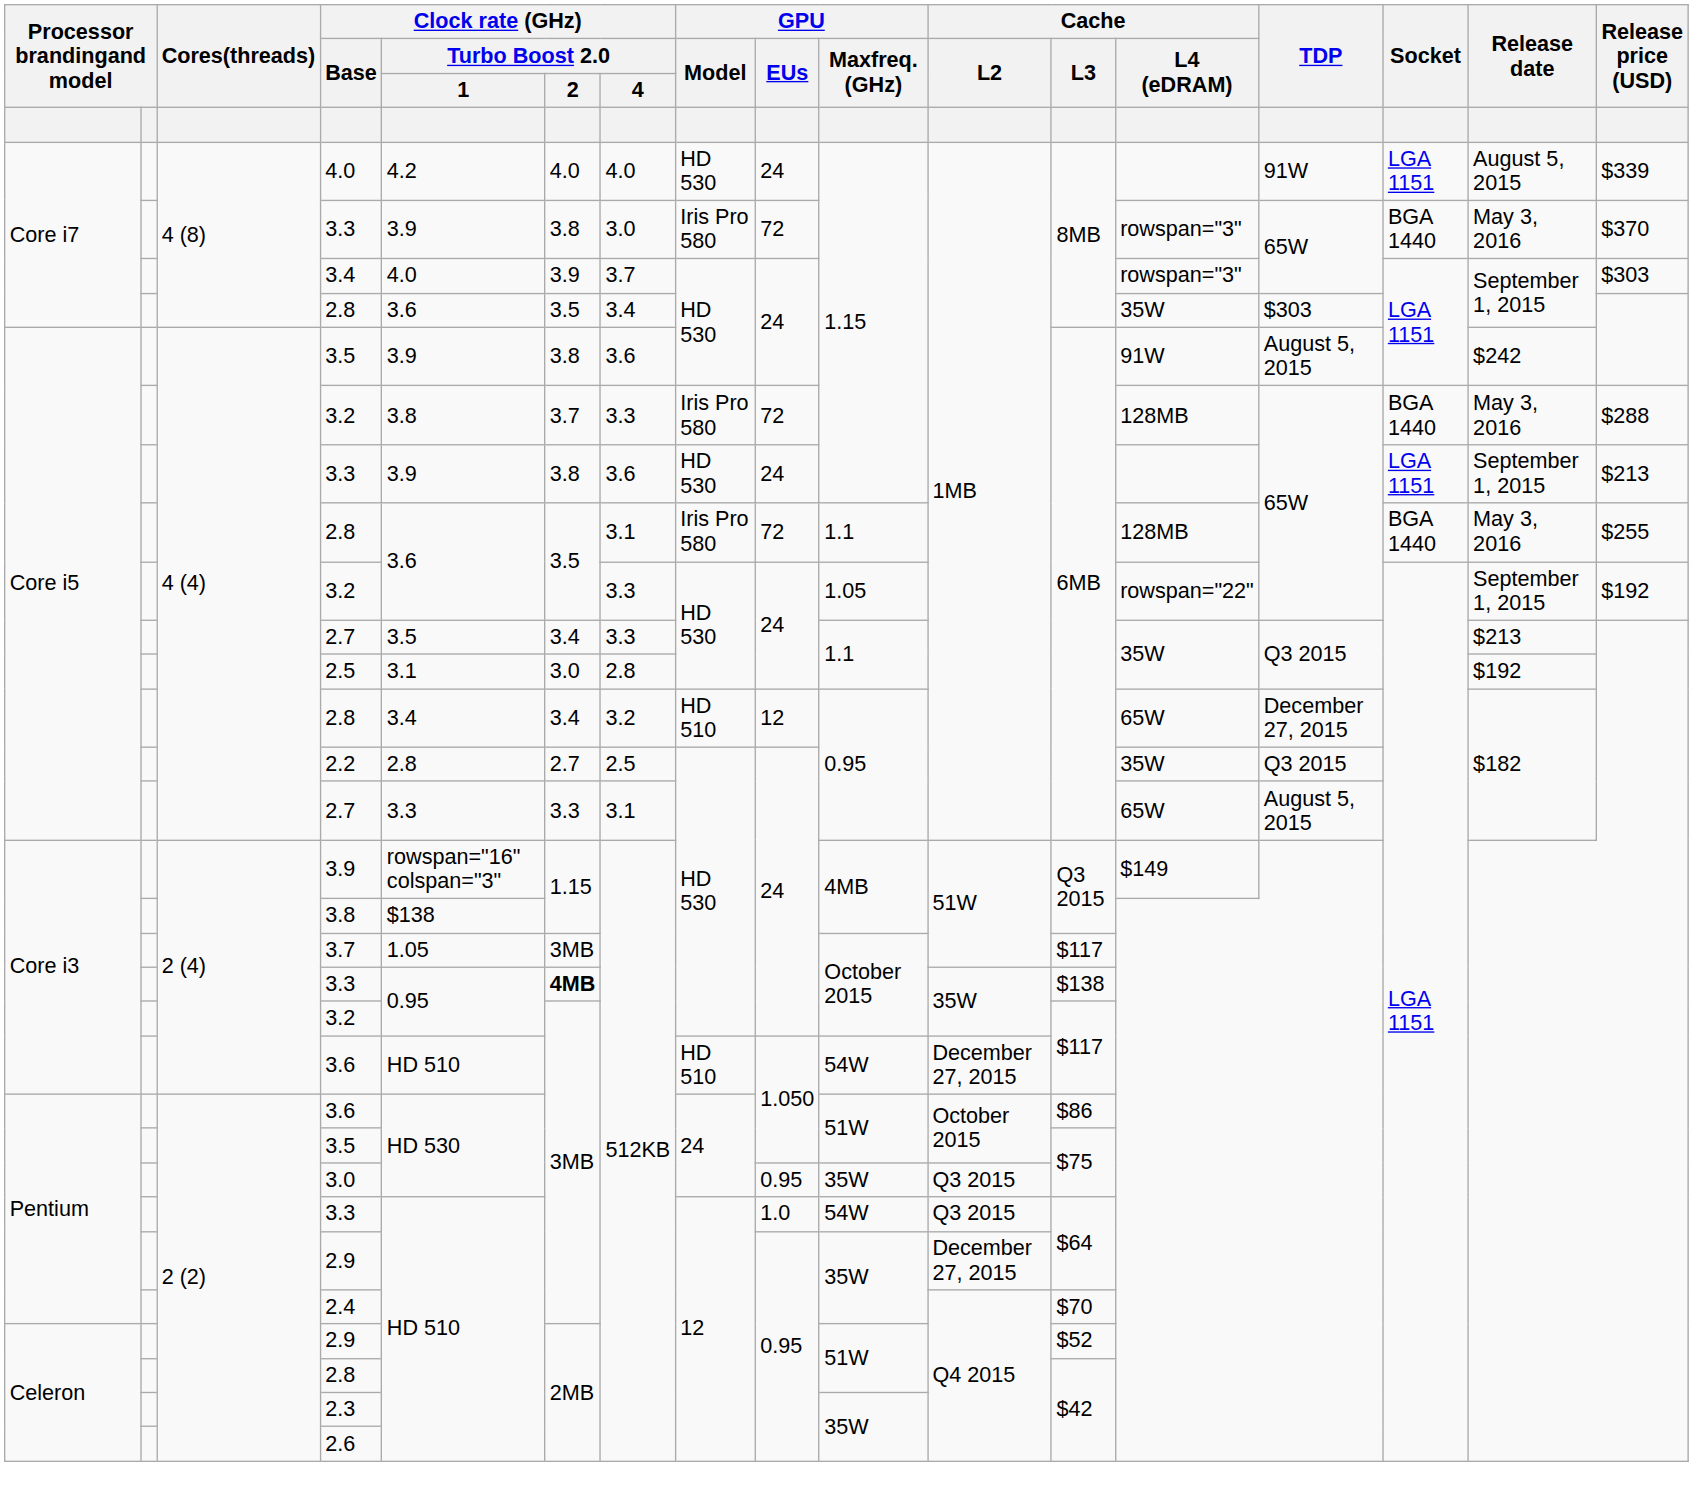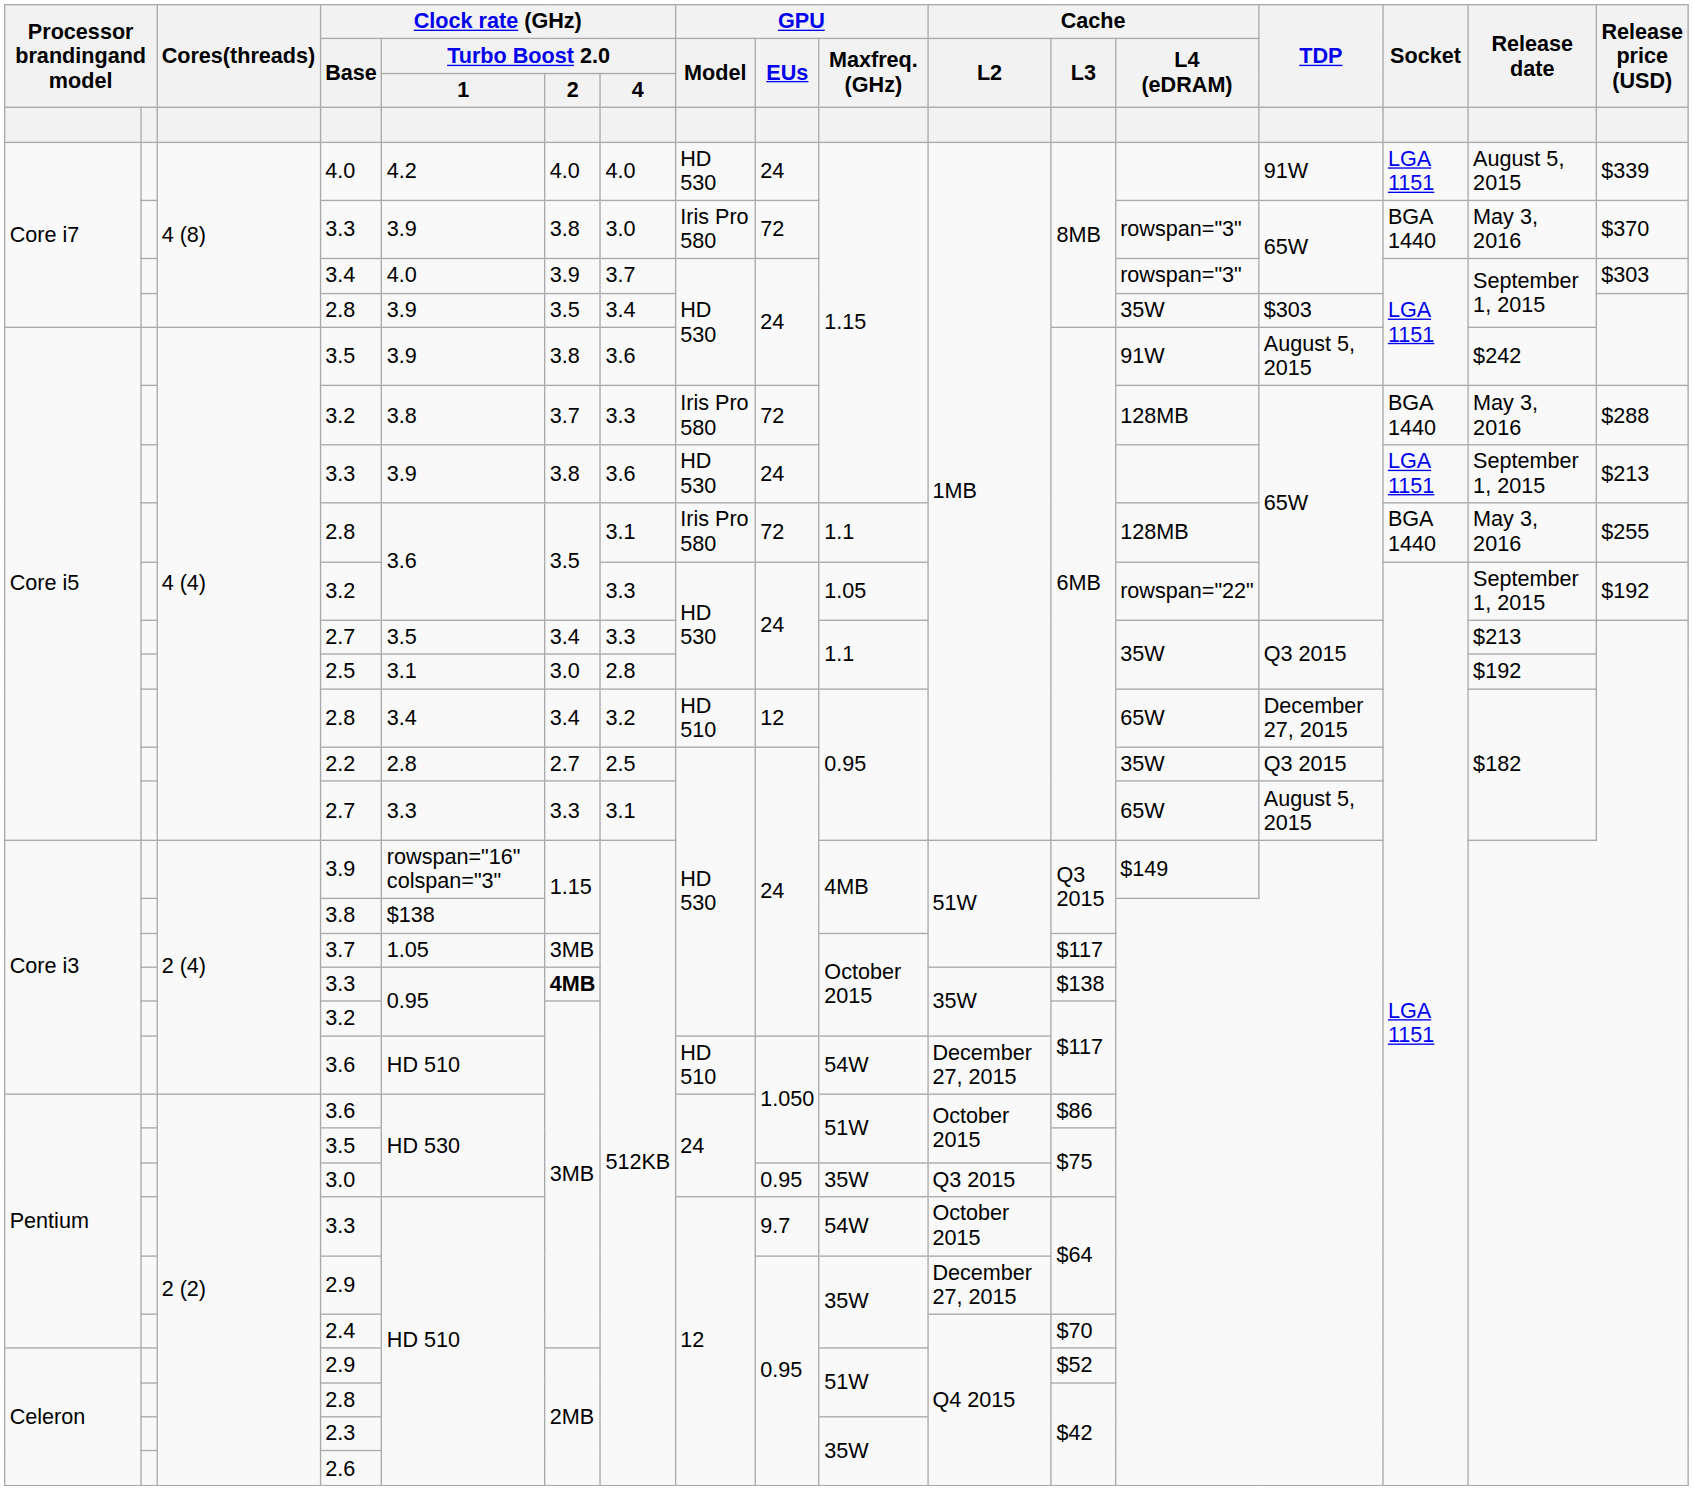 <table style=text-align: center; class="wikitable sortable mw-datatable">
 <tr>
 <th rowspan="3" colspan="2">Processor<br>brandingand model</th>
 <th rowspan="3">Cores(threads)</th>
 <th colspan="4"><a href='#'>Clock rate</a> (GHz)</th>
 <th colspan="3"><a href='#'>GPU</a></th>
 <th colspan="3">Cache</th>
 <th rowspan="3"><a href='#'>TDP</a></th>
 <th rowspan="3">Socket</th>
 <th rowspan="3">Release<br>date</th>
 <th rowspan="3">Release<br>price<br>(USD)</th>
 </tr>
 <tr>
 <th rowspan="2">Base</th>
 <th colspan="3"><a href='#'>Turbo Boost</a> 2.0</th>
 <th rowspan="2">Model</th>
 <th rowspan="2"><a href='#'>EUs</a></th>
 <th rowspan="2">Maxfreq.<strong></strong>(GHz)</th>
 <th rowspan="2">L2</th>
 <th rowspan="2">L3</th>
 <th rowspan="2">L4 <br>(eDRAM)</th>
 </tr>
 <tr>
 <th>1</th>
 <th>2 </th>
 <th>4 </th>
 </tr>
 <tr>
 <th style="background-position:center"><br></th>
 <th style="background-position:center"></th>
 <th style="background-position:center"></th>
 <th style="background-position:center"></th>
 <th style="background-position:center"></th>
 <th style="background-position:center"></th>
 <th style="background-position:center"></th>
 <th style="background-position:center"></th>
 <th style="background-position:center"></th>
 <th style="background-position:center"></th>
 <th style="background-position:center"></th>
 <th style="background-position:center"></th>
 <th style="background-position:center"></th>
 <th style="background-position:center"></th>
 <th style="background-position:center"></th>
 <th style="background-position:center"></th>
 <th style="background-position:center"></th>
 </tr>
 <tr>
 <td rowspan="4">Core i7</td>
 <td></td>
 <td rowspan="4">4 (8)</td>
 <td>4.0</td>
 <td>4.2</td>
 <td>4.0</td>
 <td>4.0</td>
 <td>HD 530</td>
 <td>24</td>
 <td rowspan="7">1.15</td>
 <td rowspan="14">1MB</td>
 <td rowspan="4">8MB</td>
 <td></td>
 <td>91W</td>
 <td><a href='#'>LGA 1151</a></td>
 <td>August 5, 2015</td>
 <td>$339</td>
 </tr>
 <tr>
 <td></td>
 <td>3.3</td>
 <td>3.9</td>
 <td>3.8</td>
 <td>3.0</td>
 <td>Iris Pro 580</td>
 <td>72</td>
 <td>rowspan="3" </td>
 <td rowspan="2">65W</td>
 <td>BGA 1440</td>
 <td>May 3, 2016</td>
 <td>$370</td>
 </tr>
 <tr>
 <td></td>
 <td>3.4</td>
 <td>4.0</td>
 <td>3.9</td>
 <td>3.7</td>
 <td rowspan="3">HD 530</td>
 <td rowspan="3">24</td>
 <td>rowspan="3" </td>
 <td rowspan="3"><a href='#'>LGA 1151</a></td>
 <td rowspan="2">September 1, 2015</td>
 <td>$303</td>
 </tr>
 <tr>
 <td></td>
 <td>2.8</td>
-<td>3.6</td>
+<td>3.9</td>
 <td>3.5</td>
 <td>3.4</td>
 <td>35W</td>
 <td>$303</td>
 </tr>
 <tr>
 <td rowspan="10">Core i5</td>
 <td></td>
 <td rowspan="10">4 (4)</td>
 <td>3.5</td>
 <td>3.9</td>
 <td>3.8</td>
 <td>3.6</td>
 <td rowspan="10">6MB</td>
 <td>91W</td>
 <td>August 5, 2015</td>
 <td>$242</td>
 </tr>
 <tr>
 <td></td>
 <td>3.2</td>
 <td>3.8</td>
 <td>3.7</td>
 <td>3.3</td>
 <td>Iris Pro 580</td>
 <td>72</td>
 <td>128MB</td>
 <td rowspan="4">65W</td>
 <td>BGA 1440</td>
 <td>May 3, 2016</td>
 <td>$288</td>
 </tr>
 <tr>
 <td></td>
 <td>3.3</td>
 <td>3.9</td>
 <td>3.8</td>
 <td>3.6</td>
 <td>HD 530</td>
 <td>24</td>
 <td></td>
 <td><a href='#'>LGA 1151</a></td>
 <td>September 1, 2015</td>
 <td>$213</td>
 </tr>
 <tr>
 <td></td>
 <td>2.8</td>
 <td rowspan="2">3.6</td>
 <td rowspan="2">3.5</td>
 <td>3.1</td>
 <td>Iris Pro 580</td>
 <td>72</td>
 <td>1.1</td>
 <td>128MB</td>
 <td>BGA 1440</td>
 <td>May 3, 2016</td>
 <td>$255</td>
 </tr>
 <tr>
 <td></td>
 <td>3.2</td>
 <td>3.3</td>
 <td rowspan=3>HD 530</td>
 <td rowspan=3>24</td>
 <td>1.05</td>
 <td>rowspan="22" </td>
 <td rowspan="22"><a href='#'>LGA 1151</a></td>
 <td>September 1, 2015</td>
 <td>$192</td>
 </tr>
 <tr>
 <td></td>
 <td>2.7</td>
 <td>3.5</td>
 <td>3.4</td>
 <td>3.3</td>
 <td rowspan="2">1.1</td>
 <td rowspan="2">35W</td>
 <td rowspan="2">Q3 2015</td>
 <td>$213</td>
 </tr>
 <tr>
 <td></td>
 <td>2.5</td>
 <td>3.1</td>
 <td>3.0</td>
 <td>2.8</td>
 <td>$192</td>
 </tr>
 <tr>
 <td></td>
 <td>2.8</td>
 <td>3.4</td>
 <td>3.4</td>
 <td>3.2</td>
 <td>HD 510</td>
 <td>12</td>
 <td rowspan="3">0.95</td>
 <td>65W</td>
 <td>December 27, 2015</td>
 <td rowspan="3">$182</td>
 </tr>
 <tr>
 <td></td>
 <td>2.2</td>
 <td>2.8</td>
 <td>2.7</td>
 <td>2.5</td>
 <td rowspan="7">HD 530</td>
 <td rowspan="7">24</td>
 <td>35W</td>
 <td>Q3 2015</td>
 </tr>
 <tr>
 <td></td>
 <td>2.7</td>
 <td>3.3</td>
 <td>3.3</td>
 <td>3.1</td>
 <td>65W</td>
 <td>August 5, 2015</td>
 </tr>
 <tr>
 <td rowspan="6">Core i3</td>
 <td></td>
 <td rowspan="6">2 (4)</td>
 <td>3.9</td>
 <td>rowspan="16" colspan="3" </td>
 <td rowspan="2">1.15</td>
 <td rowspan="16">512KB</td>
 <td rowspan="2">4MB</td>
 <td rowspan="3">51W</td>
 <td rowspan="2">Q3 2015</td>
 <td>$149</td>
 </tr>
 <tr>
 <td></td>
 <td>3.8</td>
 <td>$138</td>
 </tr>
 <tr>
 <td></td>
 <td>3.7</td>
 <td>1.05</td>
 <td>3MB</td>
 <td rowspan="3">October 2015</td>
 <td>$117</td>
 </tr>
 <tr>
 <td></td>
 <td>3.3</td>
 <td rowspan="2">0.95</td>
 <td><strong>4MB</strong></td>
 <td rowspan="2">35W</td>
 <td>$138</td>
 </tr>
 <tr>
 <td></td>
 <td>3.2</td>
 <td rowspan=8>3MB</td>
 <td rowspan=2>$117</td>
 </tr>
 <tr>
 <td></td>
 <td>3.6</td>
 <td>HD 510</td>
 <td>HD 510</td>
 <td rowspan="3">1.050</td>
 <td>54W</td>
 <td>December 27, 2015</td>
 </tr>
 <tr>
 <td rowspan="6">Pentium</td>
 <td></td>
 <td rowspan="10">2 (2)</td>
 <td>3.6</td>
 <td rowspan="3">HD 530</td>
 <td rowspan="3">24</td>
 <td rowspan="2">51W</td>
 <td rowspan="2">October 2015</td>
 <td>$86</td>
 </tr>
 <tr>
 <td></td>
 <td>3.5</td>
 <td rowspan="2">$75</td>
 </tr>
 <tr>
 <td></td>
 <td>3.0</td>
 <td>0.95</td>
 <td>35W</td>
 <td>Q3 2015</td>
 </tr>
 <tr>
 <td></td>
 <td>3.3</td>
 <td rowspan="7">HD 510</td>
 <td rowspan="7">12</td>
-<td>1.0</td>
+<td>9.7</td>
 <td>54W</td>
-<td>Q3 2015</td>
+<td>October 2015</td>
 <td rowspan="2">$64</td>
 </tr>
 <tr>
 <td></td>
 <td>2.9</td>
 <td rowspan="6">0.95</td>
 <td rowspan="2">35W</td>
 <td>December 27, 2015</td>
 </tr>
 <tr>
 <td></td>
 <td>2.4</td>
 <td rowspan="5">Q4 2015</td>
 <td>$70</td>
 </tr>
 <tr>
 <td rowspan=4>Celeron</td>
 <td></td>
 <td>2.9</td>
 <td rowspan="4">2MB</td>
 <td rowspan="2">51W</td>
 <td>$52</td>
 </tr>
 <tr>
 <td></td>
 <td>2.8</td>
 <td rowspan="3">$42</td>
 </tr>
 <tr>
 <td></td>
 <td>2.3</td>
 <td rowspan="2">35W</td>
 </tr>
 <tr>
 <td></td>
 <td>2.6</td>
 </tr>
 </table>
